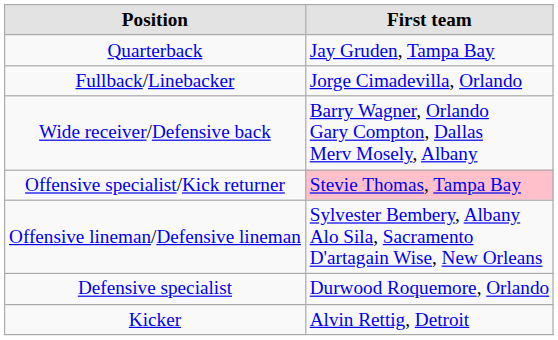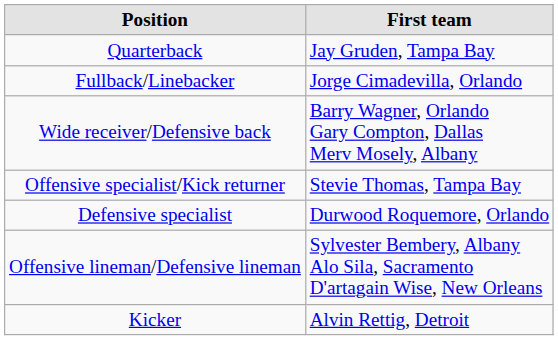 <table class="wikitable">
 <tr>
 <th style="background:#e3e3e3;">Position</th>
 <th style="background:#e3e3e3;">First team</th>
 </tr>
 <tr>
 <td align=center><a href='#'>Quarterback</a></td>
 <td><a href='#'>Jay Gruden</a>, <a href='#'>Tampa Bay</a></td>
 </tr>
 <tr>
 <td align=center><a href='#'>Fullback</a>/<a href='#'>Linebacker</a></td>
 <td><a href='#'>Jorge Cimadevilla</a>, <a href='#'>Orlando</a></td>
 </tr>
 <tr>
 <td align=center><a href='#'>Wide receiver</a>/<a href='#'>Defensive back</a></td>
 <td><a href='#'>Barry Wagner</a>, <a href='#'>Orlando</a><br><a href='#'>Gary Compton</a>, <a href='#'>Dallas</a><br><a href='#'>Merv Mosely</a>, <a href='#'>Albany</a></td>
 </tr>
 <tr>
 <td align=center><a href='#'>Offensive specialist</a>/<a href='#'>Kick returner</a></td>
-<td style="background: pink;"><a href='#'>Stevie Thomas</a>, <a href='#'>Tampa Bay</a></td>
+<td><a href='#'>Stevie Thomas</a>, <a href='#'>Tampa Bay</a></td>
+</tr>
+<tr>
+<td align=center><a href='#'>Defensive specialist</a></td>
+<td><a href='#'>Durwood Roquemore</a>, <a href='#'>Orlando</a></td>
 </tr>
 <tr>
 <td align=center><a href='#'>Offensive lineman</a>/<a href='#'>Defensive lineman</a></td>
 <td><a href='#'>Sylvester Bembery</a>, <a href='#'>Albany</a><br><a href='#'>Alo Sila</a>, <a href='#'>Sacramento</a><br><a href='#'>D'artagain Wise</a>, <a href='#'>New Orleans</a></td>
 </tr>
 <tr>
-<td align=center><a href='#'>Defensive specialist</a></td>
-<td><a href='#'>Durwood Roquemore</a>, <a href='#'>Orlando</a></td>
-</tr>
-<tr>
 <td align=center><a href='#'>Kicker</a></td>
 <td><a href='#'>Alvin Rettig</a>, <a href='#'>Detroit</a></td>
 </tr>
 </table>
